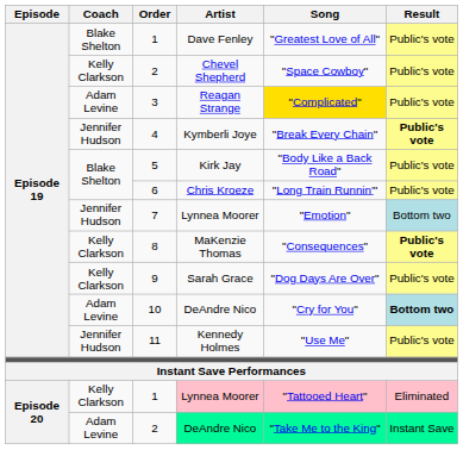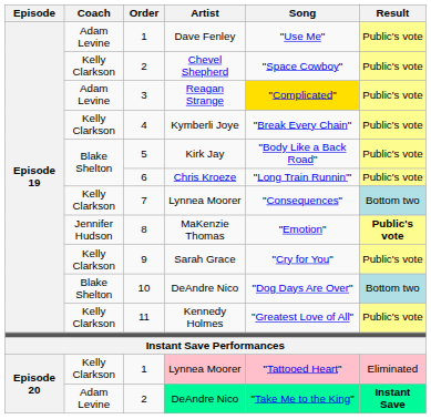 <table class="wikitable" style="text-align:center; width:100%;">
 <tr>
 <th style="width:10%;">Episode</th>
 <th style="width:10%;">Coach</th>
 <th style="width:05%;">Order</th>
 <th style="width:15%;">Artist</th>
 <th style="width:21%;">Song</th>
 <th style="width:9%;">Result</th>
 </tr>
 <tr>
 <th rowspan="11" scope="row">Episode 19<br><small></small></th>
-<td>Blake Shelton</td>
+<td>Adam Levine</td>
 <td>1</td>
 <td>Dave Fenley</td>
-<td>"<a href='#'>Greatest Love of All</a>"</td>
+<td>"<a href='#'>Use Me</a>"</td>
 <td style="background:#fdfc8f;">Public's vote</td>
 </tr>
 <tr>
 <td>Kelly Clarkson</td>
 <td>2</td>
 <td><a href='#'>Chevel Shepherd</a></td>
 <td>"<a href='#'>Space Cowboy</a>"</td>
 <td style="background:#fdfc8f;">Public's vote</td>
 </tr>
 <tr>
 <td>Adam Levine</td>
 <td>3</td>
 <td><a href='#'>Reagan Strange</a></td>
 <td style="background:#fedf00;">"<a href='#'>Complicated</a>"</td>
 <td style="background:#fdfc8f;">Public's vote</td>
 </tr>
 <tr>
-<td>Jennifer Hudson</td>
+<td>Kelly Clarkson</td>
 <td>4</td>
 <td>Kymberli Joye</td>
 <td>"<a href='#'>Break Every Chain</a>"</td>
-<td style="background:#fdfc8f;"><strong>Public's vote</strong></td>
+<td style="background:#fdfc8f;">Public's vote</td>
 </tr>
 <tr>
 <td rowspan=2>Blake Shelton</td>
 <td>5</td>
 <td>Kirk Jay</td>
 <td>"<a href='#'>Body Like a Back Road</a>"</td>
 <td style="background:#fdfc8f;">Public's vote</td>
 </tr>
 <tr>
 <td>6</td>
 <td><a href='#'>Chris Kroeze</a></td>
 <td>"<a href='#'>Long Train Runnin'</a>"</td>
 <td style="background:#fdfc8f;">Public's vote</td>
 </tr>
 <tr>
-<td>Jennifer Hudson</td>
+<td>Kelly Clarkson</td>
 <td>7</td>
 <td>Lynnea Moorer</td>
-<td>"<a href='#'>Emotion</a>"</td>
+<td>"<a href='#'>Consequences</a>"</td>
 <td style="background:#b0e0e6;">Bottom two</td>
 </tr>
 <tr>
-<td>Kelly Clarkson</td>
+<td>Jennifer Hudson</td>
 <td>8</td>
 <td>MaKenzie Thomas</td>
-<td>"<a href='#'>Consequences</a>"</td>
+<td>"<a href='#'>Emotion</a>"</td>
 <td style="background:#fdfc8f;"><strong>Public's vote</strong></td>
 </tr>
 <tr>
 <td>Kelly Clarkson</td>
 <td>9</td>
 <td>Sarah Grace</td>
-<td>"<a href='#'>Dog Days Are Over</a>"</td>
+<td>"<a href='#'>Cry for You</a>"</td>
 <td style="background:#fdfc8f;">Public's vote</td>
 </tr>
 <tr>
-<td>Adam Levine</td>
+<td>Blake Shelton</td>
 <td>10</td>
 <td>DeAndre Nico</td>
-<td>"<a href='#'>Cry for You</a>"</td>
-<td style="background:#b0e0e6;"><strong>Bottom two</strong></td>
+<td>"<a href='#'>Dog Days Are Over</a>"</td>
+<td style="background:#b0e0e6;">Bottom two</td>
 </tr>
 <tr>
-<td>Jennifer Hudson</td>
+<td>Kelly Clarkson</td>
 <td>11</td>
 <td>Kennedy Holmes</td>
-<td>"<a href='#'>Use Me</a>"</td>
+<td>"<a href='#'>Greatest Love of All</a>"</td>
 <td style="background:#fdfc8f;">Public's vote</td>
 </tr>
 <tr>
 <td colspan="6" bgcolor=#555></td>
 </tr>
 <tr>
 <th colspan="6">Instant Save Performances</th>
 </tr>
 <tr>
 <th rowspan="2" scope="row">Episode 20<br><small></small></th>
 <td>Kelly Clarkson</td>
 <td>1</td>
 <td style="background:pink;">Lynnea Moorer</td>
 <td style="background:pink;">"<a href='#'>Tattooed Heart</a>"</td>
 <td style="background:pink;">Eliminated</td>
 </tr>
 <tr>
 <td>Adam Levine</td>
 <td>2</td>
 <td style="background:#00fa9a;">DeAndre Nico</td>
 <td style="background:#00fa9a;">"<a href='#'>Take Me to the King</a>"</td>
-<td style="background:#00fa9a;">Instant Save</td>
+<td style="background:#00fa9a;"><strong>Instant Save</strong></td>
 </tr>
 </table>
